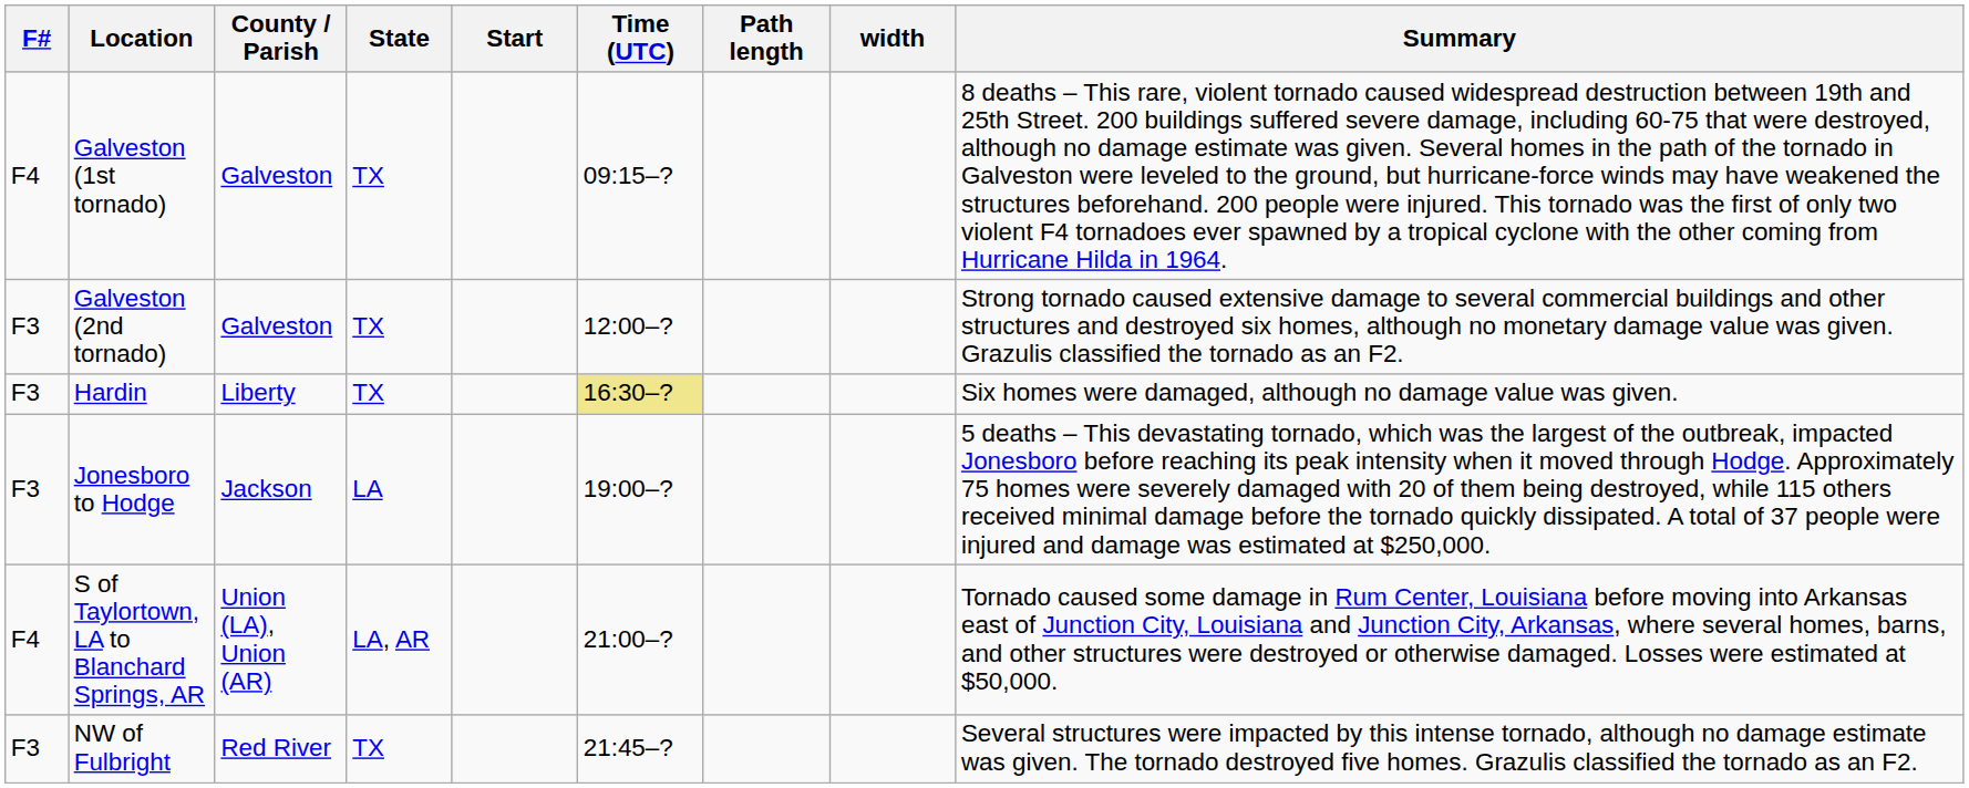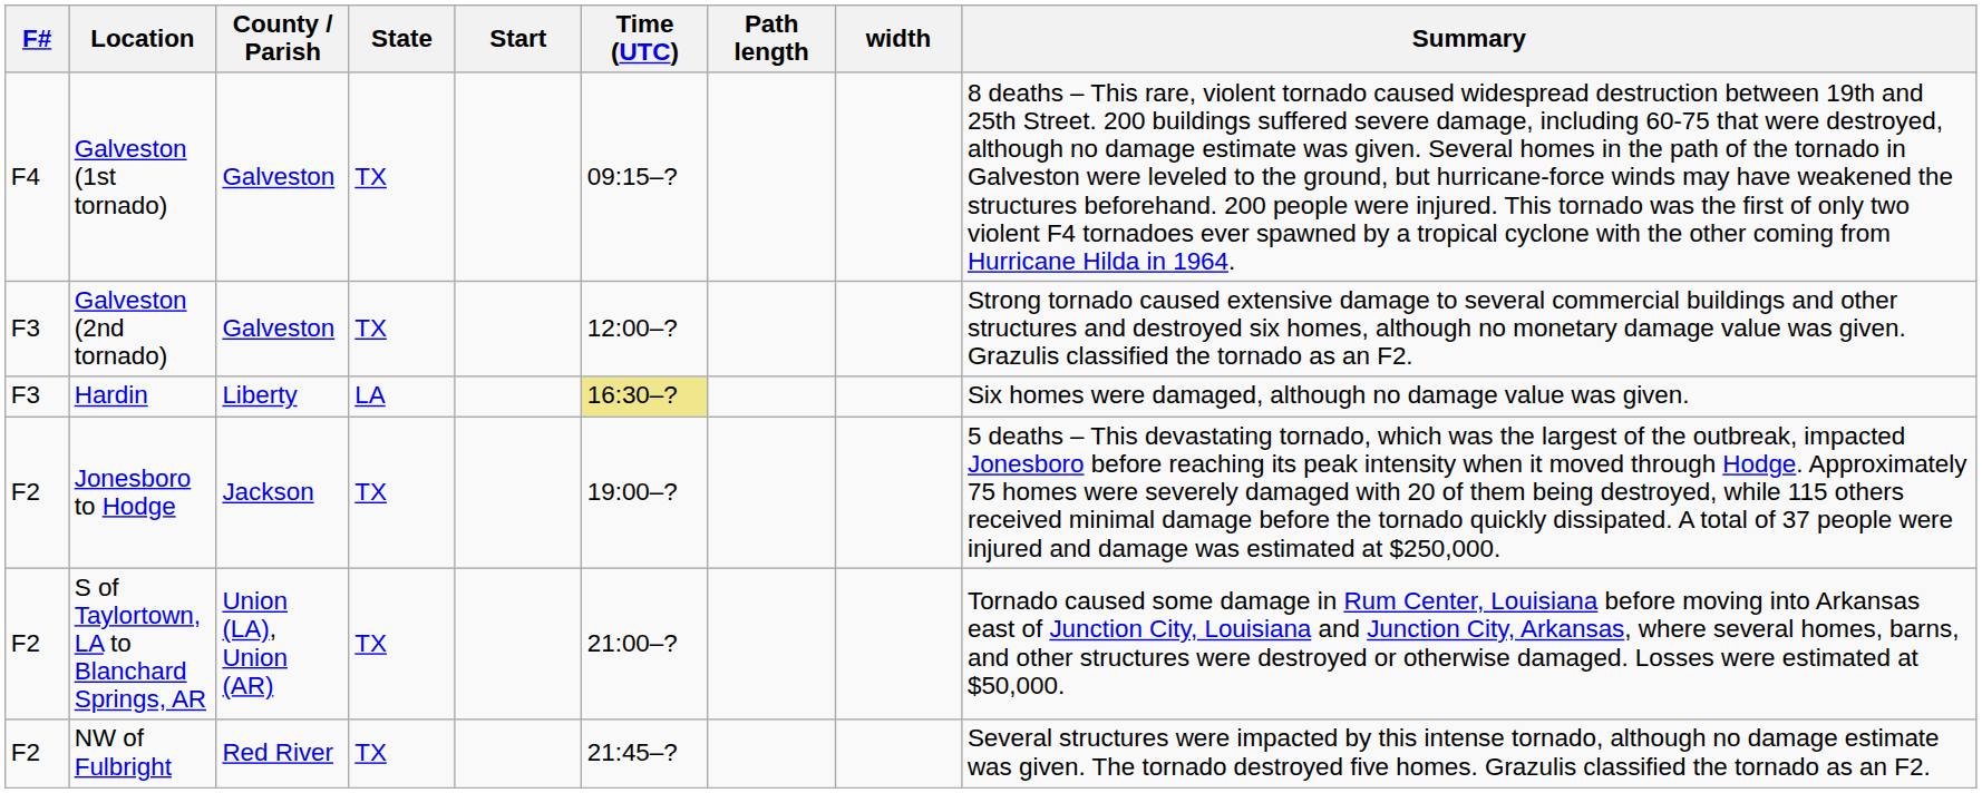 <table class="wikitable sortable" style="width:100%;">
 <tr>
 <th scope="col"  style="width:3%; text-align:center;"><a href='#'>F#</a></th>
 <th scope="col"  style="width:7%; text-align:center;" class="unsortable">Location</th>
 <th scope="col"  style="width:6%; text-align:center;" class="unsortable">County / Parish</th>
 <th scope="col"  style="width:5%; text-align:center;">State</th>
 <th scope="col"  style="width:6%; text-align:center;">Start<br></th>
 <th scope="col"  style="width:6%; text-align:center;">Time (<a href='#'>UTC</a>)</th>
 <th scope="col"  style="width:6%; text-align:center;">Path length</th>
 <th scope="col"  style="width:6%; text-align:center;"> width</th>
 <th scope="col" class="unsortable" style="width:48%; text-align:center;">Summary</th>
 </tr>
 <tr>
 <td>F4</td>
 <td><a href='#'>Galveston</a> (1st tornado)</td>
 <td><a href='#'>Galveston</a></td>
 <td><a href='#'>TX</a></td>
 <td></td>
 <td>09:15–?</td>
 <td></td>
 <td></td>
 <td>8 deaths – This rare, violent tornado caused widespread destruction between 19th and 25th Street. 200 buildings suffered severe damage, including 60-75 that were destroyed, although no damage estimate was given. Several homes in the path of the tornado in Galveston were leveled to the ground, but hurricane-force winds may have weakened the structures beforehand. 200 people were injured. This tornado was the first of only two violent F4 tornadoes ever spawned by a tropical cyclone with the other coming from <a href='#'>Hurricane Hilda in 1964</a>.</td>
 </tr>
 <tr>
 <td>F3</td>
 <td><a href='#'>Galveston</a> (2nd tornado)</td>
 <td><a href='#'>Galveston</a></td>
 <td><a href='#'>TX</a></td>
 <td></td>
 <td>12:00–?</td>
 <td></td>
 <td></td>
 <td>Strong tornado caused extensive damage to several commercial buildings and other structures and destroyed six homes, although no monetary damage value was given. Grazulis classified the tornado as an F2.</td>
 </tr>
 <tr>
 <td>F3</td>
 <td><a href='#'>Hardin</a></td>
 <td><a href='#'>Liberty</a></td>
-<td><a href='#'>TX</a></td>
+<td><a href='#'>LA</a></td>
 <td></td>
 <td style="background: khaki;">16:30–?</td>
 <td></td>
 <td></td>
 <td>Six homes were damaged, although no damage value was given.</td>
 </tr>
 <tr>
-<td>F3</td>
+<td>F2</td>
 <td><a href='#'>Jonesboro</a> to <a href='#'>Hodge</a></td>
 <td><a href='#'>Jackson</a></td>
-<td><a href='#'>LA</a></td>
+<td><a href='#'>TX</a></td>
 <td></td>
 <td>19:00–?</td>
 <td></td>
 <td></td>
 <td>5 deaths – This devastating tornado, which was the largest of the outbreak, impacted <a href='#'>Jonesboro</a> before reaching its peak intensity when it moved through <a href='#'>Hodge</a>. Approximately 75 homes were severely damaged with 20 of them being destroyed, while 115 others received minimal damage before the tornado quickly dissipated. A total of 37 people were injured and damage was estimated at $250,000.</td>
 </tr>
 <tr>
-<td>F4</td>
+<td>F2</td>
 <td>S of <a href='#'>Taylortown, LA</a> to <a href='#'>Blanchard Springs, AR</a></td>
 <td><a href='#'>Union (LA)</a>, <a href='#'>Union (AR)</a></td>
-<td><a href='#'>LA</a>, <a href='#'>AR</a></td>
+<td><a href='#'>TX</a></td>
 <td></td>
 <td>21:00–?</td>
 <td></td>
 <td></td>
 <td>Tornado caused some damage in <a href='#'>Rum Center, Louisiana</a> before moving into Arkansas east of <a href='#'>Junction City, Louisiana</a> and <a href='#'>Junction City, Arkansas</a>, where several homes, barns, and other structures were destroyed or otherwise damaged. Losses were estimated at $50,000.</td>
 </tr>
 <tr>
-<td>F3</td>
+<td>F2</td>
 <td>NW of <a href='#'>Fulbright</a></td>
 <td><a href='#'>Red River</a></td>
 <td><a href='#'>TX</a></td>
 <td></td>
 <td>21:45–?</td>
 <td></td>
 <td></td>
 <td>Several structures were impacted by this intense tornado, although no damage estimate was given. The tornado destroyed five homes. Grazulis classified the tornado as an F2.</td>
 </tr>
 </table>
